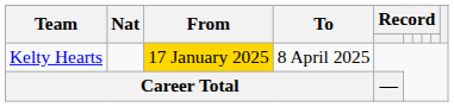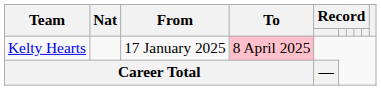 <table class="wikitable" style="text-align: center">
 <tr>
 <th rowspan="2">Team</th>
 <th rowspan="2">Nat</th>
 <th rowspan="2">From</th>
 <th rowspan="2">To</th>
 <th colspan="5">Record</th>
 <th rowspan=2></th>
 </tr>
 <tr>
 <th></th>
 <th></th>
 <th></th>
 <th></th>
 <th></th>
 </tr>
 <tr>
 <td align="center"><a href='#'>Kelty Hearts</a></td>
 <td align="center"></td>
-<td align="center" style="background: gold;">17 January 2025</td>
-<td align="center">8 April 2025<br></td>
+<td align="center">17 January 2025</td>
+<td align="center" style="background: pink;">8 April 2025<br></td>
 </tr>
 <tr>
 <th colspan=4><strong>Career Total</strong><br></th>
 <th>—</th>
 </tr>
 </table>
